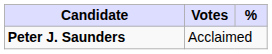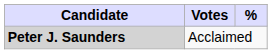 <table class="wikitable">
 <tr>
 <th style="background:#ddf; width:200px;">Candidate</th>
 <th style="background:#ddf; width:50px;">Votes</th>
 <th style="background:#ddf; width:30px;">%</th>
 </tr>
 <tr>
-<td><strong>Peter J. Saunders</strong></td>
+<td style="background: lightgrey;"><strong>Peter J. Saunders</strong></td>
 <td colspan="2">Acclaimed</td>
 </tr>
 </table>
